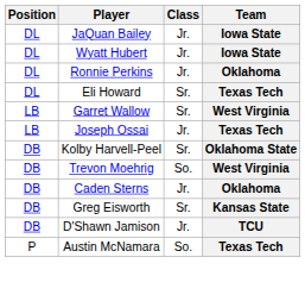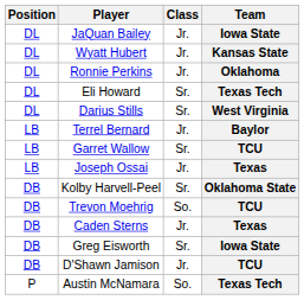 <table class="wikitable sortable" border="1">
 <tr>
 <th>Position</th>
 <th>Player</th>
 <th>Class</th>
 <th>Team</th>
 </tr>
 <tr>
 <td style="text-align:center; background:white"><a href='#'>DL</a></td>
 <td style="text-align:center; background:white"><a href='#'>JaQuan Bailey</a></td>
 <td style="text-align:center; background:white">Jr.</td>
 <th>Iowa State</th>
 </tr>
 <tr>
 <td style="text-align:center; background:white"><a href='#'>DL</a></td>
 <td style="text-align:center; background:white"><a href='#'>Wyatt Hubert</a></td>
 <td style="text-align:center; background:white">Jr.</td>
-<th>Iowa State</th>
+<th>Kansas State</th>
 </tr>
 <tr>
 <td style="text-align:center; background:white"><a href='#'>DL</a></td>
 <td style="text-align:center; background:white"><a href='#'>Ronnie Perkins</a></td>
 <td style="text-align:center; background:white">Jr.</td>
 <th>Oklahoma</th>
 </tr>
 <tr>
 <td style="text-align:center; background:white"><a href='#'>DL</a></td>
 <td style="text-align:center; background:white">Eli Howard</td>
 <td style="text-align:center; background:white">Sr.</td>
 <th>Texas Tech</th>
 </tr>
 <tr>
-<td style="text-align:center; background:white"><a href='#'>LB</a></td>
-<td style="text-align:center; background:white"><a href='#'>Garret Wallow</a></td>
+<td style="text-align:center; background:white"><a href='#'>DL</a></td>
+<td style="text-align:center; background:white"><a href='#'>Darius Stills</a></td>
 <td style="text-align:center; background:white">Sr.</td>
 <th>West Virginia</th>
 </tr>
 <tr>
 <td style="text-align:center; background:white"><a href='#'>LB</a></td>
+<td style="text-align:center; background:white"><a href='#'>Terrel Bernard</a></td>
+<td style="text-align:center; background:white">Jr.</td>
+<th>Baylor</th>
+</tr>
+<tr>
+<td style="text-align:center; background:white"><a href='#'>LB</a></td>
+<td style="text-align:center; background:white"><a href='#'>Garret Wallow</a></td>
+<td style="text-align:center; background:white">Sr.</td>
+<th>TCU</th>
+</tr>
+<tr>
+<td style="text-align:center; background:white"><a href='#'>LB</a></td>
 <td style="text-align:center; background:white"><a href='#'>Joseph Ossai</a></td>
 <td style="text-align:center; background:white">Jr.</td>
-<th>Texas Tech</th>
+<th>Texas</th>
 </tr>
 <tr>
 <td style="text-align:center; background:white"><a href='#'>DB</a></td>
 <td style="text-align:center; background:white">Kolby Harvell-Peel</td>
 <td style="text-align:center; background:white">Sr.</td>
 <th>Oklahoma State</th>
 </tr>
 <tr>
 <td style="text-align:center; background:white"><a href='#'>DB</a></td>
 <td style="text-align:center; background:white"><a href='#'>Trevon Moehrig</a></td>
 <td style="text-align:center; background:white">So.</td>
-<th>West Virginia</th>
+<th>TCU</th>
 </tr>
 <tr>
 <td style="text-align:center; background:white"><a href='#'>DB</a></td>
 <td style="text-align:center; background:white"><a href='#'>Caden Sterns</a></td>
 <td style="text-align:center; background:white">Jr.</td>
-<th>Oklahoma</th>
+<th>Texas</th>
 </tr>
 <tr>
 <td style="text-align:center; background:white"><a href='#'>DB</a></td>
 <td style="text-align:center; background:white">Greg Eisworth</td>
 <td style="text-align:center; background:white">Sr.</td>
-<th>Kansas State</th>
+<th>Iowa State</th>
 </tr>
 <tr>
 <td style="text-align:center; background:white"><a href='#'>DB</a></td>
 <td style="text-align:center; background:white">D'Shawn Jamison</td>
 <td style="text-align:center; background:white">Jr.</td>
 <th>TCU</th>
 </tr>
 <tr>
 <td style="text-align:center; background:white">P</td>
 <td style="text-align:center; background:white">Austin McNamara</td>
 <td style="text-align:center; background:white">So.</td>
 <th>Texas Tech</th>
 </tr>
 </table>
